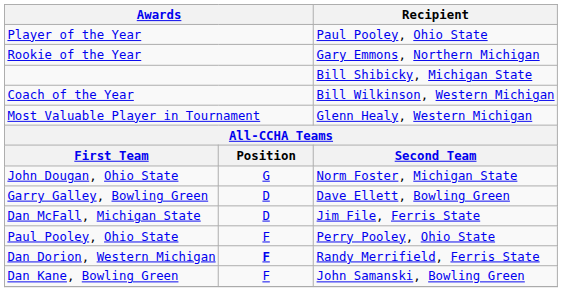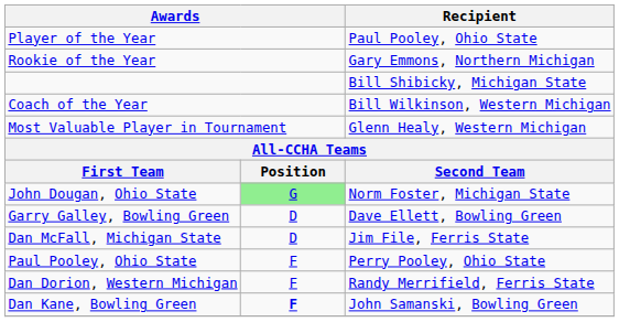 <table class="wikitable">
 <tr>
 <th colspan=2><a href='#'>Awards</a></th>
 <th>Recipient</th>
 </tr>
 <tr>
 <td colspan=2><a href='#'>Player of the Year</a></td>
 <td><a href='#'>Paul Pooley</a>, <a href='#'>Ohio State</a></td>
 </tr>
 <tr>
 <td colspan=2><a href='#'>Rookie of the Year</a></td>
 <td><a href='#'>Gary Emmons</a>, <a href='#'>Northern Michigan</a></td>
 </tr>
 <tr>
 <td colspan=2></td>
 <td><a href='#'>Bill Shibicky</a>, <a href='#'>Michigan State</a></td>
 </tr>
 <tr>
 <td colspan=2><a href='#'>Coach of the Year</a></td>
 <td><a href='#'>Bill Wilkinson</a>, <a href='#'>Western Michigan</a></td>
 </tr>
 <tr>
 <td colspan=2><a href='#'>Most Valuable Player in Tournament</a></td>
 <td><a href='#'>Glenn Healy</a>, <a href='#'>Western Michigan</a></td>
 </tr>
 <tr>
 <th colspan=3><a href='#'>All-CCHA Teams</a></th>
 </tr>
 <tr>
 <th><a href='#'>First Team</a></th>
 <th>  Position  </th>
 <th><a href='#'>Second Team</a></th>
 </tr>
 <tr>
 <td><a href='#'>John Dougan</a>, <a href='#'>Ohio State</a></td>
-<td align=center><a href='#'>G</a></td>
+<td align=center style="background: lightgreen;"><a href='#'>G</a></td>
 <td><a href='#'>Norm Foster</a>, <a href='#'>Michigan State</a></td>
 </tr>
 <tr>
 <td><a href='#'>Garry Galley</a>, <a href='#'>Bowling Green</a></td>
 <td align=center><a href='#'>D</a></td>
 <td><a href='#'>Dave Ellett</a>, <a href='#'>Bowling Green</a></td>
 </tr>
 <tr>
 <td><a href='#'>Dan McFall</a>, <a href='#'>Michigan State</a></td>
 <td align=center><a href='#'>D</a></td>
 <td><a href='#'>Jim File</a>, <a href='#'>Ferris State</a></td>
 </tr>
 <tr>
 <td><a href='#'>Paul Pooley</a>, <a href='#'>Ohio State</a></td>
 <td align=center><a href='#'>F</a></td>
 <td><a href='#'>Perry Pooley</a>, <a href='#'>Ohio State</a></td>
 </tr>
 <tr>
 <td><a href='#'>Dan Dorion</a>, <a href='#'>Western Michigan</a></td>
-<td align=center><strong><a href='#'>F</a></strong></td>
+<td align=center><a href='#'>F</a></td>
 <td><a href='#'>Randy Merrifield</a>, <a href='#'>Ferris State</a></td>
 </tr>
 <tr>
 <td><a href='#'>Dan Kane</a>, <a href='#'>Bowling Green</a></td>
-<td align=center><a href='#'>F</a></td>
+<td align=center><strong><a href='#'>F</a></strong></td>
 <td><a href='#'>John Samanski</a>, <a href='#'>Bowling Green</a></td>
 </tr>
 <tr>
 </tr>
 </table>
